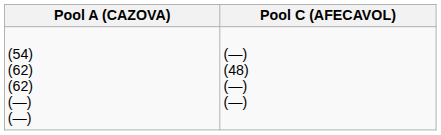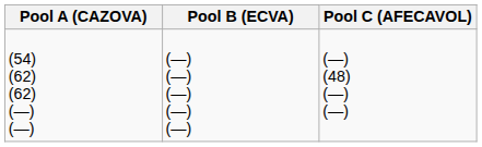 <table class="wikitable">
 <tr>
 <th width=33%>Pool A (CAZOVA)</th>
+<th width=33%>Pool B (ECVA)</th>
 <th width=33%>Pool C (AFECAVOL)</th>
 </tr>
 <tr>
 <td><br> (54)<br>  (62)<br>  (62)<br>  (—)<br>  (—)</td>
+<td><br> (—)<br>  (—)<br>  (—)<br>  (—)<br>  (—)</td>
 <td valign=top><br> (—)<br>  (48)<br>  (—)<br>  (—)</td>
 </tr>
 </table>
